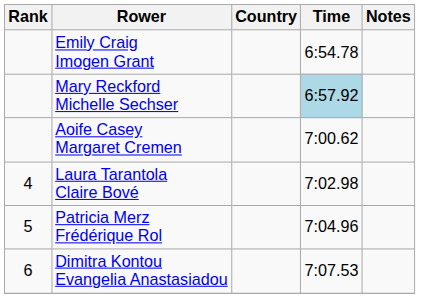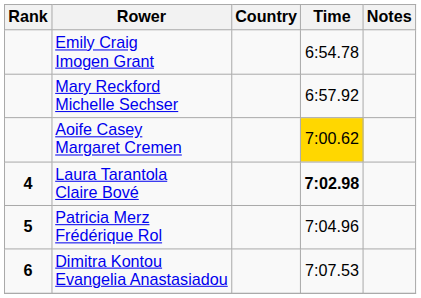 <table class="wikitable" style="text-align:center">
 <tr>
 <th>Rank</th>
 <th>Rower</th>
 <th>Country</th>
 <th>Time</th>
 <th>Notes</th>
 </tr>
 <tr>
 <td></td>
 <td align="left"><a href='#'>Emily Craig</a><br><a href='#'>Imogen Grant</a></td>
 <td align="left"></td>
 <td>6:54.78</td>
 <td></td>
 </tr>
 <tr>
 <td></td>
 <td align="left"><a href='#'>Mary Reckford</a><br><a href='#'>Michelle Sechser</a></td>
 <td align="left"></td>
-<td style="background: lightblue;">6:57.92</td>
+<td>6:57.92</td>
 <td></td>
 </tr>
 <tr>
 <td></td>
 <td align="left"><a href='#'>Aoife Casey</a><br><a href='#'>Margaret Cremen</a></td>
 <td align="left"></td>
-<td>7:00.62</td>
+<td style="background: gold;">7:00.62</td>
 <td></td>
 </tr>
 <tr>
-<td>4</td>
+<td><strong>4</strong></td>
 <td align="left"><a href='#'>Laura Tarantola</a><br><a href='#'>Claire Bové</a></td>
 <td align="left"></td>
-<td>7:02.98</td>
+<td><strong>7:02.98</strong></td>
 <td></td>
 </tr>
 <tr>
-<td>5</td>
+<td><strong>5</strong></td>
 <td align="left"><a href='#'>Patricia Merz</a><br><a href='#'>Frédérique Rol</a></td>
 <td align="left"></td>
 <td>7:04.96</td>
 <td></td>
 </tr>
 <tr>
-<td>6</td>
+<td><strong>6</strong></td>
 <td align="left"><a href='#'>Dimitra Kontou</a><br><a href='#'>Evangelia Anastasiadou</a></td>
 <td align="left"></td>
 <td>7:07.53</td>
 <td></td>
 </tr>
 <tr>
 </tr>
 </table>
